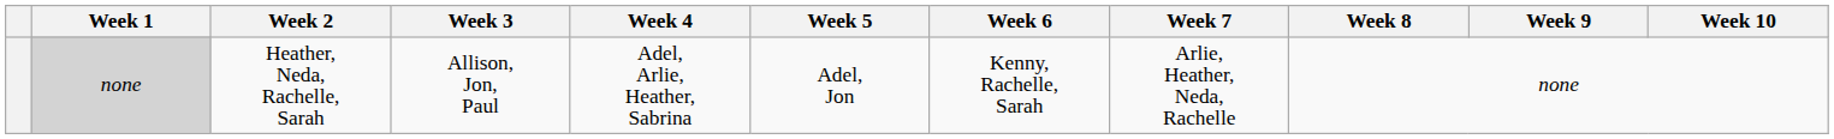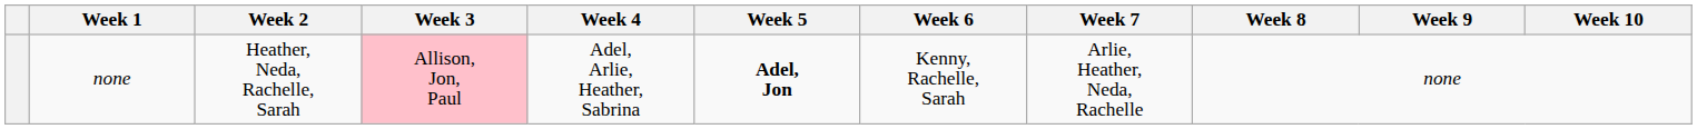 <table class="wikitable" style="text-align:center; font-size:90%; width:100%; line-height:15px;">
 <tr>
 <th style="width:1%"></th>
 <th style="width:7%">Week 1</th>
 <th style="width:7%">Week 2</th>
 <th style="width:7%">Week 3</th>
 <th style="width:7%">Week 4</th>
 <th style="width:7%">Week 5</th>
 <th style="width:7%">Week 6</th>
 <th style="width:7%">Week 7</th>
 <th style="width:7%">Week 8</th>
 <th style="width:7%">Week 9</th>
 <th style="width:7%">Week 10</th>
 </tr>
 <tr>
 <th></th>
-<td style="background: lightgrey;"><em>none</em></td>
+<td><em>none</em></td>
 <td>Heather,<br>Neda,<br>Rachelle,<br>Sarah</td>
-<td>Allison,<br>Jon,<br>Paul</td>
+<td style="background: pink;">Allison,<br>Jon,<br>Paul</td>
 <td>Adel,<br>Arlie,<br>Heather,<br>Sabrina</td>
-<td>Adel,<br>Jon</td>
+<td><strong>Adel,<br>Jon</strong></td>
 <td>Kenny,<br>Rachelle,<br>Sarah</td>
 <td>Arlie,<br>Heather,<br>Neda,<br>Rachelle</td>
 <td colspan="3"><em>none</em></td>
 </tr>
 </table>
